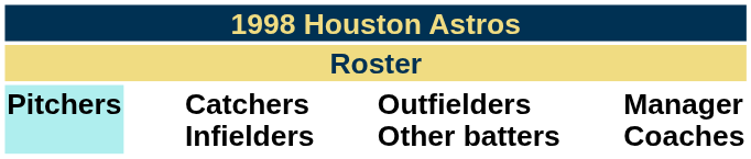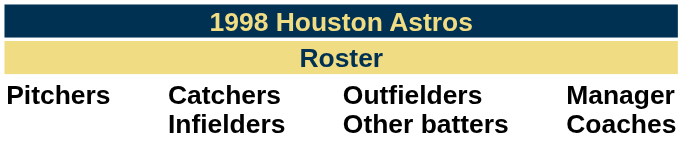 <table class="toccolours" style="font-size: 95%;">
 <tr>
 <th colspan="10" style="background:#003153; color:#F0DC82; text-align:center;">1998 Houston Astros</th>
 </tr>
 <tr>
 <td colspan="10" style="background:#F0DC82; color:#003153; text-align:center;"><strong>Roster</strong></td>
 </tr>
 <tr>
-<td valign="top" style="background: paleturquoise;"><strong>Pitchers</strong><br>                 </td>
+<td valign="top"><strong>Pitchers</strong><br>                 </td>
 <td width="25px"></td>
 <td valign="top"><strong>Catchers</strong><br>   <strong>Infielders</strong>         </td>
 <td width="25px"></td>
 <td valign="top"><strong>Outfielders</strong><br>       <strong>Other batters</strong> </td>
 <td width="25px"></td>
 <td valign="top"><strong>Manager</strong><br> <strong>Coaches</strong>      </td>
 </tr>
 </table>
